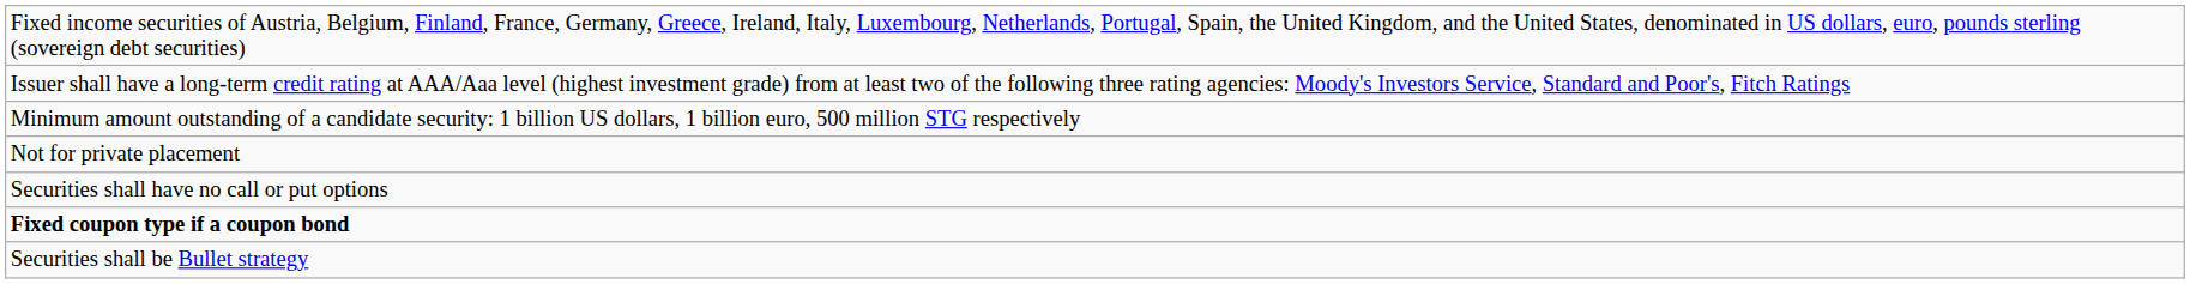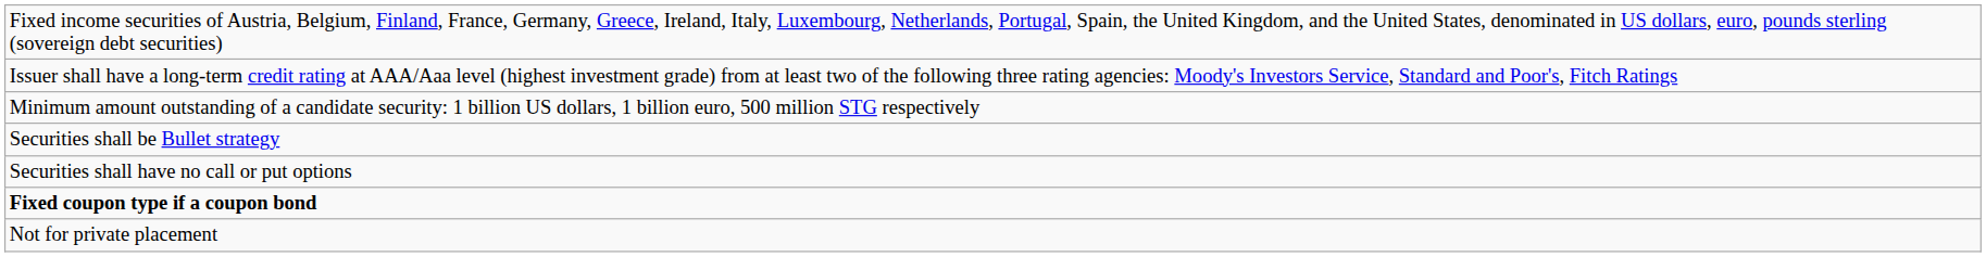 <table class="wikitable">
 <tr>
 <td>Fixed income securities of Austria, Belgium, <a href='#'>Finland</a>, France, Germany, <a href='#'>Greece</a>, Ireland, Italy, <a href='#'>Luxembourg</a>, <a href='#'>Netherlands</a>, <a href='#'>Portugal</a>, Spain, the United Kingdom, and the United States, denominated in <a href='#'>US dollars</a>, <a href='#'>euro</a>, <a href='#'>pounds sterling</a> (sovereign debt securities)</td>
 </tr>
 <tr>
 <td>Issuer shall have a long-term <a href='#'>credit rating</a> at AAA/Aaa level (highest investment grade) from at least two of the following three rating agencies: <a href='#'>Moody's Investors Service</a>, <a href='#'>Standard and Poor's</a>, <a href='#'>Fitch Ratings</a></td>
 </tr>
 <tr>
 <td>Minimum amount outstanding of a candidate security: 1 billion US dollars, 1 billion euro, 500 million <a href='#'>STG</a> respectively</td>
 </tr>
 <tr>
-<td>Not for private placement</td>
+<td>Securities shall be <a href='#'>Bullet strategy</a></td>
 </tr>
 <tr>
 <td>Securities shall have no call or put options</td>
 </tr>
 <tr>
 <td><strong>Fixed coupon type if a coupon bond</strong></td>
 </tr>
 <tr>
-<td>Securities shall be <a href='#'>Bullet strategy</a></td>
+<td>Not for private placement</td>
 </tr>
 </table>
